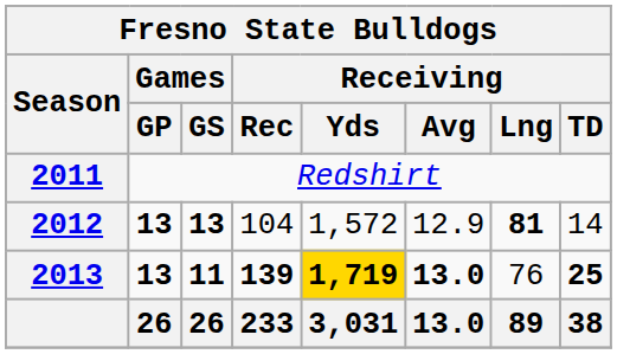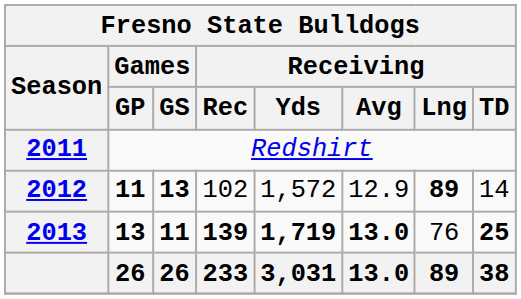 <table class="wikitable" style="text-align: center;">
 <tr>
 <th colspan="8">Fresno State Bulldogs</th>
 </tr>
 <tr>
 <th rowspan="2">Season</th>
 <th colspan="2">Games</th>
 <th colspan="5">Receiving</th>
 </tr>
 <tr>
 <th>GP</th>
 <th>GS</th>
 <th>Rec</th>
 <th>Yds</th>
 <th>Avg</th>
 <th>Lng</th>
 <th>TD</th>
 </tr>
 <tr>
 <th><a href='#'>2011</a></th>
 <td colspan="7"> <em><a href='#'>Redshirt</a></em></td>
 </tr>
 <tr>
 <th><a href='#'>2012</a></th>
+<td><strong>11</strong></td>
 <td><strong>13</strong></td>
-<td><strong>13</strong></td>
-<td>104</td>
+<td>102</td>
 <td>1,572</td>
 <td>12.9</td>
-<td><strong>81</strong></td>
+<td><strong>89</strong></td>
 <td>14</td>
 </tr>
 <tr>
 <th><a href='#'>2013</a></th>
 <td><strong>13</strong></td>
 <td><strong>11</strong></td>
 <td><strong>139</strong></td>
-<td style="background: gold;"><strong>1,719</strong></td>
+<td><strong>1,719</strong></td>
 <td><strong>13.0</strong></td>
 <td>76</td>
 <td><strong>25</strong></td>
 </tr>
 <tr>
 <th></th>
 <th>26</th>
 <th>26</th>
 <th>233</th>
 <th>3,031</th>
 <th>13.0</th>
 <th>89</th>
 <th>38</th>
 </tr>
 <tr>
 </tr>
 </table>
